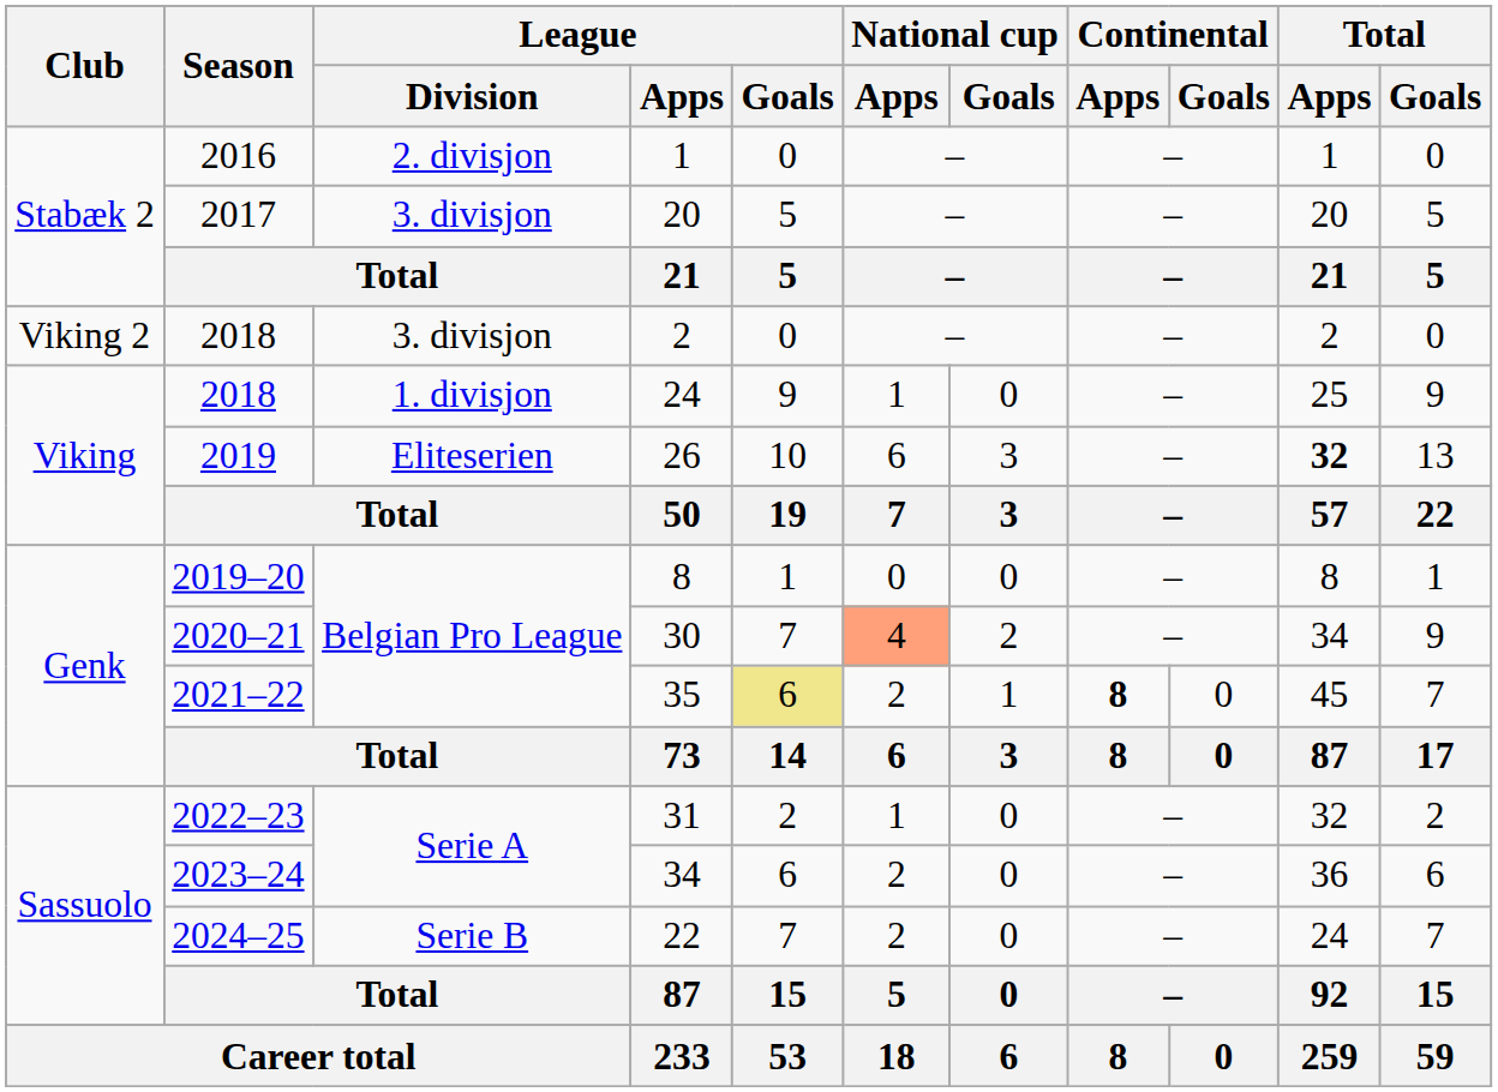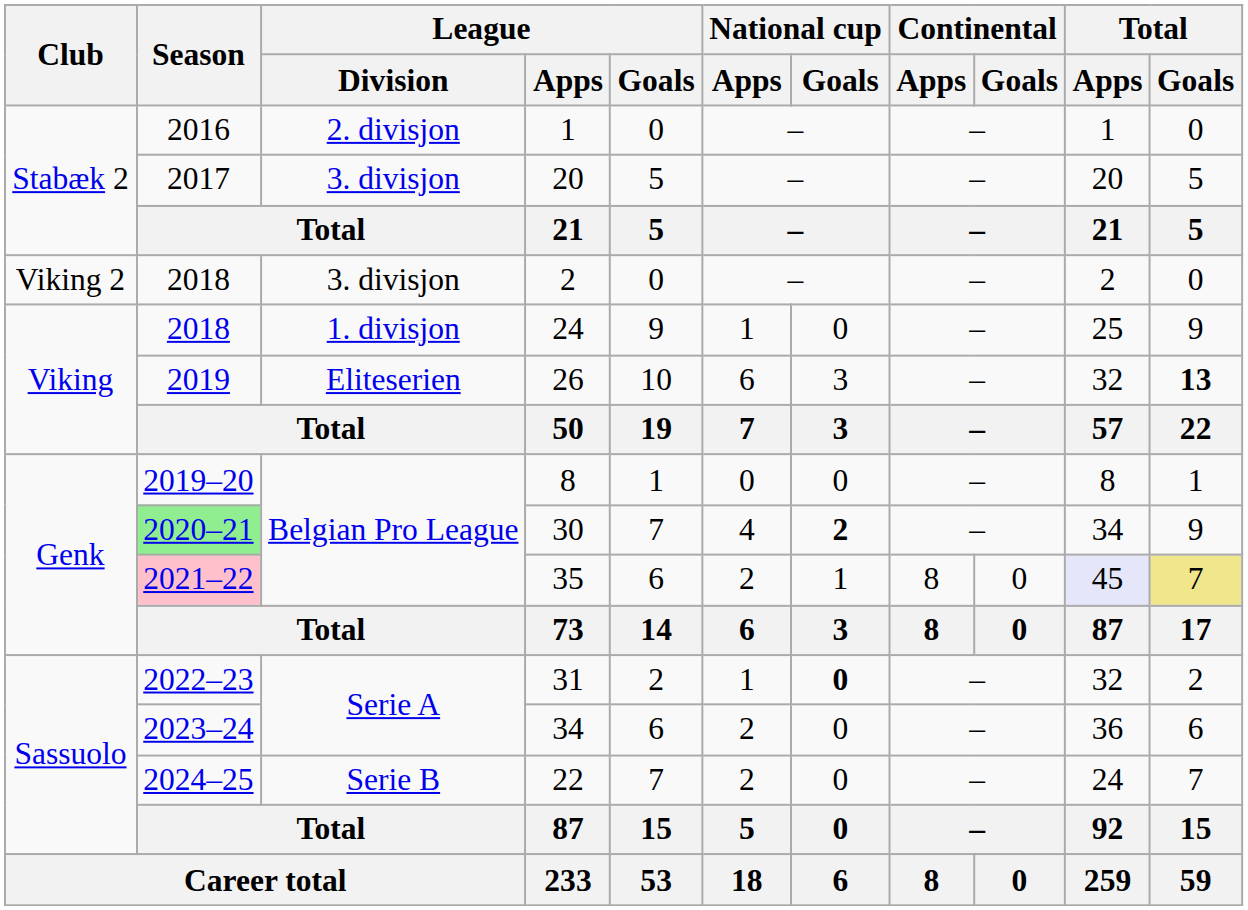 <table class="wikitable" style="text-align: center;">
 <tr>
 <th rowspan="2">Club</th>
 <th rowspan="2">Season</th>
 <th colspan="3">League</th>
 <th colspan="2">National cup</th>
 <th colspan="2">Continental</th>
 <th colspan="2">Total</th>
 </tr>
 <tr>
 <th>Division</th>
 <th>Apps</th>
 <th>Goals</th>
 <th>Apps</th>
 <th>Goals</th>
 <th>Apps</th>
 <th>Goals</th>
 <th>Apps</th>
 <th>Goals</th>
 </tr>
 <tr>
 <td rowspan="3"><a href='#'>Stabæk</a> 2</td>
 <td>2016</td>
 <td><a href='#'>2. divisjon</a></td>
 <td>1</td>
 <td>0</td>
 <td colspan="2">–</td>
 <td colspan="2">–</td>
 <td>1</td>
 <td>0</td>
 </tr>
 <tr>
 <td>2017</td>
 <td><a href='#'>3. divisjon</a></td>
 <td>20</td>
 <td>5</td>
 <td colspan="2">–</td>
 <td colspan="2">–</td>
 <td>20</td>
 <td>5</td>
 </tr>
 <tr>
 <th colspan="2">Total</th>
 <th>21</th>
 <th>5</th>
 <th colspan="2">–</th>
 <th colspan="2">–</th>
 <th>21</th>
 <th>5</th>
 </tr>
 <tr>
 <td>Viking 2</td>
 <td>2018</td>
 <td>3. divisjon</td>
 <td>2</td>
 <td>0</td>
 <td colspan="2">–</td>
 <td colspan="2">–</td>
 <td>2</td>
 <td>0</td>
 </tr>
 <tr>
 <td rowspan="3"><a href='#'>Viking</a></td>
 <td><a href='#'>2018</a></td>
 <td><a href='#'>1. divisjon</a></td>
 <td>24</td>
 <td>9</td>
 <td>1</td>
 <td>0</td>
 <td colspan="2">–</td>
 <td>25</td>
 <td>9</td>
 </tr>
 <tr>
 <td><a href='#'>2019</a></td>
 <td><a href='#'>Eliteserien</a></td>
 <td>26</td>
 <td>10</td>
 <td>6</td>
 <td>3</td>
 <td colspan="2">–</td>
-<td><strong>32</strong></td>
-<td>13</td>
+<td>32</td>
+<td><strong>13</strong></td>
 </tr>
 <tr>
 <th colspan="2">Total</th>
 <th>50</th>
 <th>19</th>
 <th>7</th>
 <th>3</th>
 <th colspan="2">–</th>
 <th>57</th>
 <th>22</th>
 </tr>
 <tr>
 <td rowspan="4"><a href='#'>Genk</a></td>
 <td><a href='#'>2019–20</a></td>
 <td rowspan="3"><a href='#'>Belgian Pro League</a></td>
 <td>8</td>
 <td>1</td>
 <td>0</td>
 <td>0</td>
 <td colspan="2">–</td>
 <td>8</td>
 <td>1</td>
 </tr>
 <tr>
-<td><a href='#'>2020–21</a></td>
+<td style="background: lightgreen;"><a href='#'>2020–21</a></td>
 <td>30</td>
 <td>7</td>
-<td style="background: lightsalmon;">4</td>
-<td>2</td>
+<td>4</td>
+<td><strong>2</strong></td>
 <td colspan="2">–</td>
 <td>34</td>
 <td>9</td>
 </tr>
 <tr>
-<td><a href='#'>2021–22</a></td>
+<td style="background: pink;"><a href='#'>2021–22</a></td>
 <td>35</td>
-<td style="background: khaki;">6</td>
+<td>6</td>
 <td>2</td>
 <td>1</td>
-<td><strong>8</strong></td>
+<td>8</td>
 <td>0</td>
-<td>45</td>
-<td>7</td>
+<td style="background: lavender;">45</td>
+<td style="background: khaki;">7</td>
 </tr>
 <tr>
 <th colspan="2">Total</th>
 <th>73</th>
 <th>14</th>
 <th>6</th>
 <th>3</th>
 <th>8</th>
 <th>0</th>
 <th>87</th>
 <th>17</th>
 </tr>
 <tr>
 <td rowspan="4"><a href='#'>Sassuolo</a></td>
 <td><a href='#'>2022–23</a></td>
 <td rowspan="2"><a href='#'>Serie A</a></td>
 <td>31</td>
 <td>2</td>
 <td>1</td>
-<td>0</td>
+<td><strong>0</strong></td>
 <td colspan="2">–</td>
 <td>32</td>
 <td>2</td>
 </tr>
 <tr>
 <td><a href='#'>2023–24</a></td>
 <td>34</td>
 <td>6</td>
 <td>2</td>
 <td>0</td>
 <td colspan="2">–</td>
 <td>36</td>
 <td>6</td>
 </tr>
 <tr>
 <td><a href='#'>2024–25</a></td>
 <td><a href='#'>Serie B</a></td>
 <td>22</td>
 <td>7</td>
 <td>2</td>
 <td>0</td>
 <td colspan="2">–</td>
 <td>24</td>
 <td>7</td>
 </tr>
 <tr>
 <th colspan="2">Total</th>
 <th>87</th>
 <th>15</th>
 <th>5</th>
 <th>0</th>
 <th colspan="2">–</th>
 <th>92</th>
 <th>15</th>
 </tr>
 <tr>
 <th colspan="3">Career total</th>
 <th>233</th>
 <th>53</th>
 <th>18</th>
 <th>6</th>
 <th>8</th>
 <th>0</th>
 <th>259</th>
 <th>59</th>
 </tr>
 </table>
